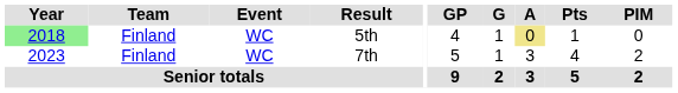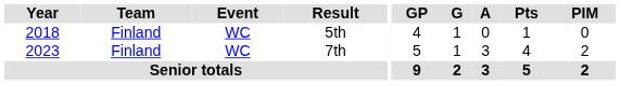 <table border="0" cellpadding="1" cellspacing="0" ID="Table3" style="text-align:center; width:40em">
 <tr ALIGN="center" bgcolor="#e0e0e0">
 <th>Year</th>
 <th>Team</th>
 <th>Event</th>
 <th>Result</th>
 <th rowspan="99" bgcolor="#ffffff"></th>
 <th>GP</th>
 <th>G</th>
 <th>A</th>
 <th>Pts</th>
 <th>PIM</th>
 </tr>
 <tr>
-<td style="background: lightgreen;"><a href='#'>2018</a></td>
+<td><a href='#'>2018</a></td>
 <td><a href='#'>Finland</a></td>
 <td><a href='#'>WC</a></td>
 <td>5th</td>
 <td>4</td>
 <td>1</td>
-<td style="background: khaki;">0</td>
+<td>0</td>
 <td>1</td>
 <td>0</td>
 </tr>
 <tr>
 <td><a href='#'>2023</a></td>
 <td><a href='#'>Finland</a></td>
 <td><a href='#'>WC</a></td>
 <td>7th</td>
 <td>5</td>
 <td>1</td>
 <td>3</td>
 <td>4</td>
 <td>2</td>
 </tr>
 <tr bgcolor="#e0e0e0">
 <th colspan="4">Senior totals</th>
 <th>9</th>
 <th>2</th>
 <th>3</th>
 <th>5</th>
 <th>2</th>
 </tr>
 </table>
